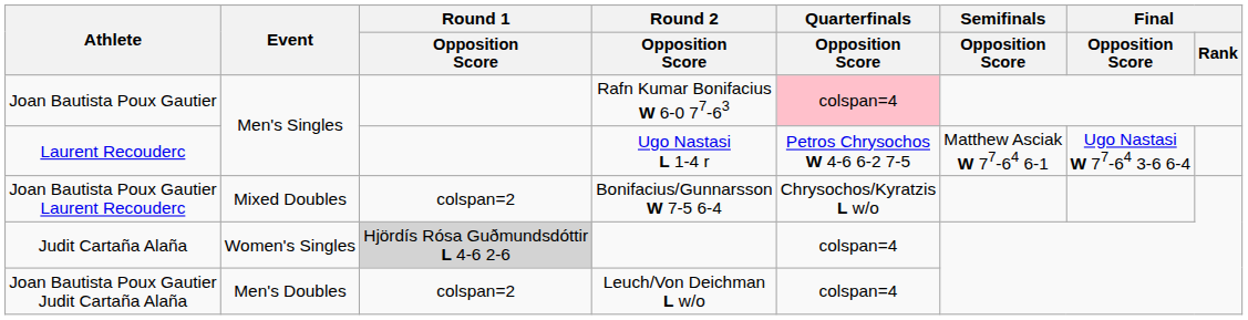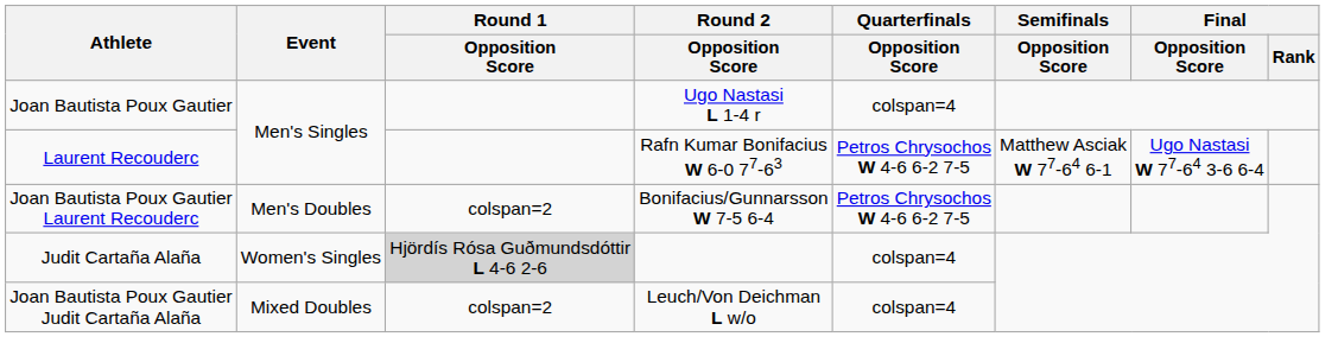 <table class=wikitable style="font-size:90%">
 <tr>
 <th rowspan=2>Athlete</th>
 <th rowspan=2>Event</th>
 <th>Round 1</th>
 <th>Round 2</th>
 <th>Quarterfinals</th>
 <th>Semifinals</th>
 <th colspan=2>Final</th>
 </tr>
 <tr style="font-size:95%">
 <th>Opposition<br>Score</th>
 <th>Opposition<br>Score</th>
 <th>Opposition<br>Score</th>
 <th>Opposition<br>Score</th>
 <th>Opposition<br>Score</th>
 <th>Rank</th>
 </tr>
 <tr align=center>
 <td>Joan Bautista Poux Gautier</td>
 <td rowspan=2>Men's Singles</td>
 <td></td>
-<td> Rafn Kumar Bonifacius <br> <strong>W</strong> 6-0 7<sup>7</sup>-6<sup>3</sup></td>
-<td style="background: pink;">colspan=4 </td>
+<td> <a href='#'>Ugo Nastasi</a> <br> <strong>L</strong> 1-4 r</td>
+<td>colspan=4 </td>
 </tr>
 <tr align=center>
 <td><a href='#'>Laurent Recouderc</a></td>
 <td></td>
-<td> <a href='#'>Ugo Nastasi</a> <br> <strong>L</strong> 1-4 r</td>
+<td> Rafn Kumar Bonifacius <br> <strong>W</strong> 6-0 7<sup>7</sup>-6<sup>3</sup></td>
 <td> <a href='#'>Petros Chrysochos</a> <br> <strong>W</strong> 4-6 6-2 7-5</td>
 <td> Matthew Asciak <br> <strong>W</strong> 7<sup>7</sup>-6<sup>4</sup> 6-1</td>
 <td> <a href='#'>Ugo Nastasi</a> <br> <strong>W</strong> 7<sup>7</sup>-6<sup>4</sup> 3-6 6-4</td>
 <td></td>
 </tr>
 <tr align=center>
 <td>Joan Bautista Poux Gautier<br><a href='#'>Laurent Recouderc</a></td>
-<td>Mixed Doubles</td>
+<td>Men's Doubles</td>
 <td>colspan=2 </td>
 <td> Bonifacius/Gunnarsson <br> <strong>W</strong> 7-5 6-4</td>
-<td> Chrysochos/Kyratzis <br> <strong>L</strong> w/o</td>
+<td> <a href='#'>Petros Chrysochos</a> <br> <strong>W</strong> 4-6 6-2 7-5</td>
 <td></td>
 <td></td>
 </tr>
 <tr align=center>
 <td>Judit Cartaña Alaña</td>
 <td>Women's Singles</td>
 <td style="background: lightgrey;"> Hjördís Rósa Guðmundsdóttir <br> <strong>L</strong> 4-6 2-6</td>
 <td></td>
 <td>colspan=4 </td>
 </tr>
 <tr align=center>
 <td>Joan Bautista Poux Gautier<br>Judit Cartaña Alaña</td>
-<td>Men's Doubles</td>
+<td>Mixed Doubles</td>
 <td>colspan=2 </td>
 <td> Leuch/Von Deichman <br> <strong>L</strong> w/o</td>
 <td>colspan=4 </td>
 </tr>
 </table>
